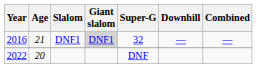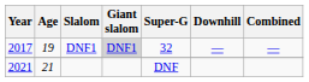 <table class=wikitable style="text-align:center">
 <tr>
 <th>Year</th>
 <th>Age</th>
 <th>Slalom</th>
 <th>Giant<br>slalom</th>
 <th>Super-G</th>
 <th>Downhill</th>
 <th>Combined</th>
 </tr>
 <tr>
-<td><a href='#'>2016</a></td>
-<td><em>21</em></td>
+<td><a href='#'>2017</a></td>
+<td><em>19</em></td>
 <td><a href='#'>DNF1</a></td>
 <td style="background: lightgrey;"><a href='#'>DNF1</a></td>
 <td><a href='#'>32</a></td>
 <td><a href='#'>—</a></td>
 <td><a href='#'>—</a></td>
 </tr>
 <tr>
 </tr>
 <tr>
-<td><a href='#'>2022</a></td>
-<td><em>20</em></td>
+<td><a href='#'>2021</a></td>
+<td><em>21</em></td>
 <td></td>
 <td></td>
 <td><a href='#'>DNF</a></td>
 <td></td>
 <td></td>
 </tr>
 </table>
